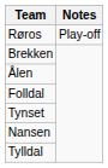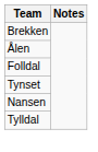 <table class="wikitable">
 <tr>
 <th>Team</th>
 <th>Notes</th>
-</tr>
-<tr>
-<td>Røros</td>
-<td>Play-off</td>
 </tr>
 <tr>
 <td>Brekken</td>
 </tr>
 <tr>
 <td>Ålen</td>
 </tr>
 <tr>
 <td>Folldal</td>
 </tr>
 <tr>
 <td>Tynset</td>
 </tr>
 <tr>
 <td>Nansen</td>
 </tr>
 <tr>
 <td>Tylldal</td>
 </tr>
 </table>
